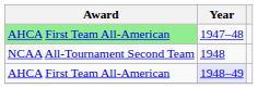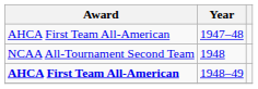 <table class="wikitable">
 <tr>
 <th>Award</th>
 <th>Year</th>
 <th></th>
 </tr>
 <tr>
-<td style="background: lightgreen;"><a href='#'>AHCA</a> <a href='#'>First Team All-American</a></td>
+<td><a href='#'>AHCA</a> <a href='#'>First Team All-American</a></td>
 <td><a href='#'>1947–48</a></td>
 <td></td>
 </tr>
 <tr>
 <td><a href='#'>NCAA</a> <a href='#'>All-Tournament Second Team</a></td>
 <td><a href='#'>1948</a></td>
 <td></td>
 </tr>
 <tr>
-<td><a href='#'>AHCA</a> <a href='#'>First Team All-American</a></td>
-<td style="background: lavender;"><a href='#'>1948–49</a></td>
+<td><strong><a href='#'>AHCA</a> <a href='#'>First Team All-American</a></strong></td>
+<td><a href='#'>1948–49</a></td>
 <td></td>
 </tr>
 <tr>
 </tr>
 </table>
